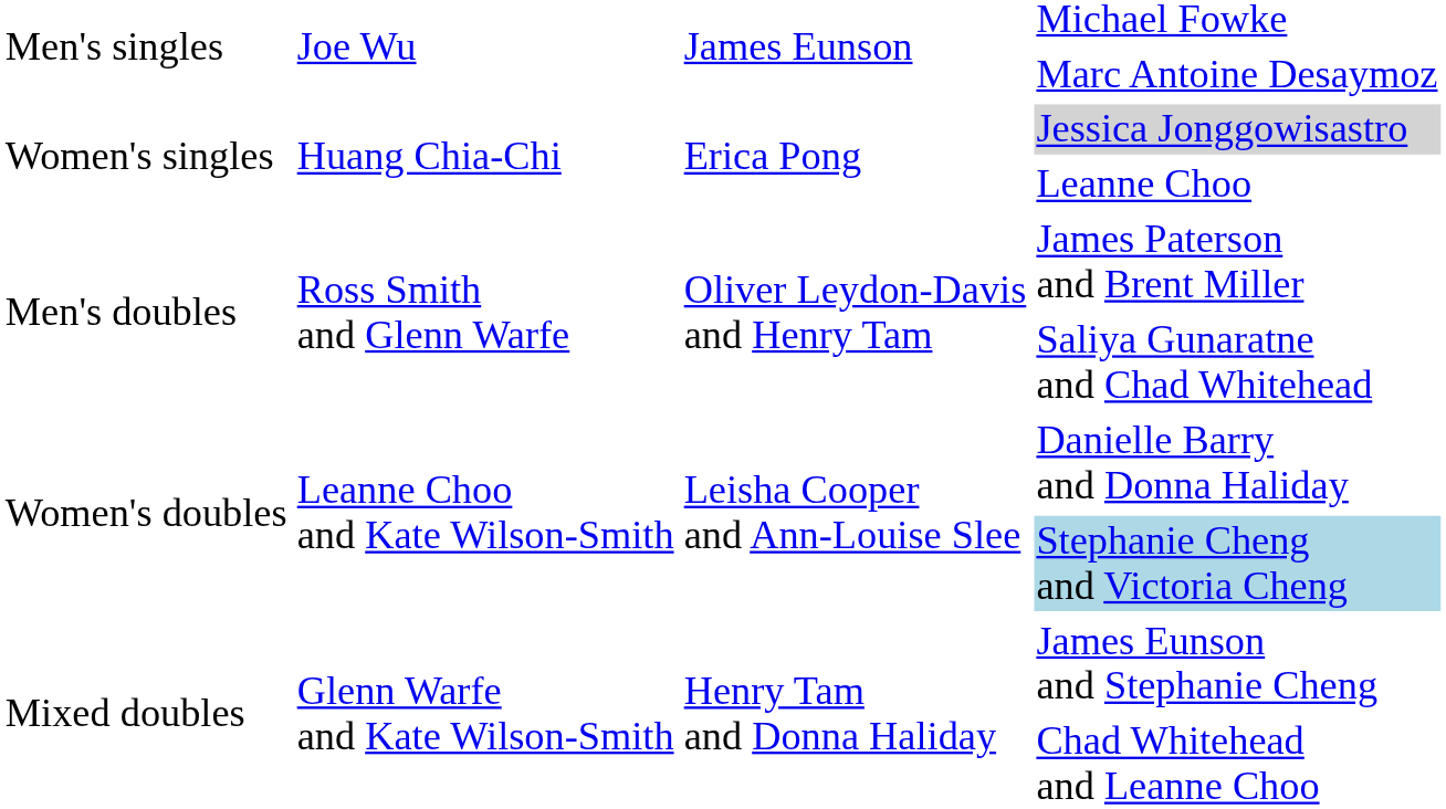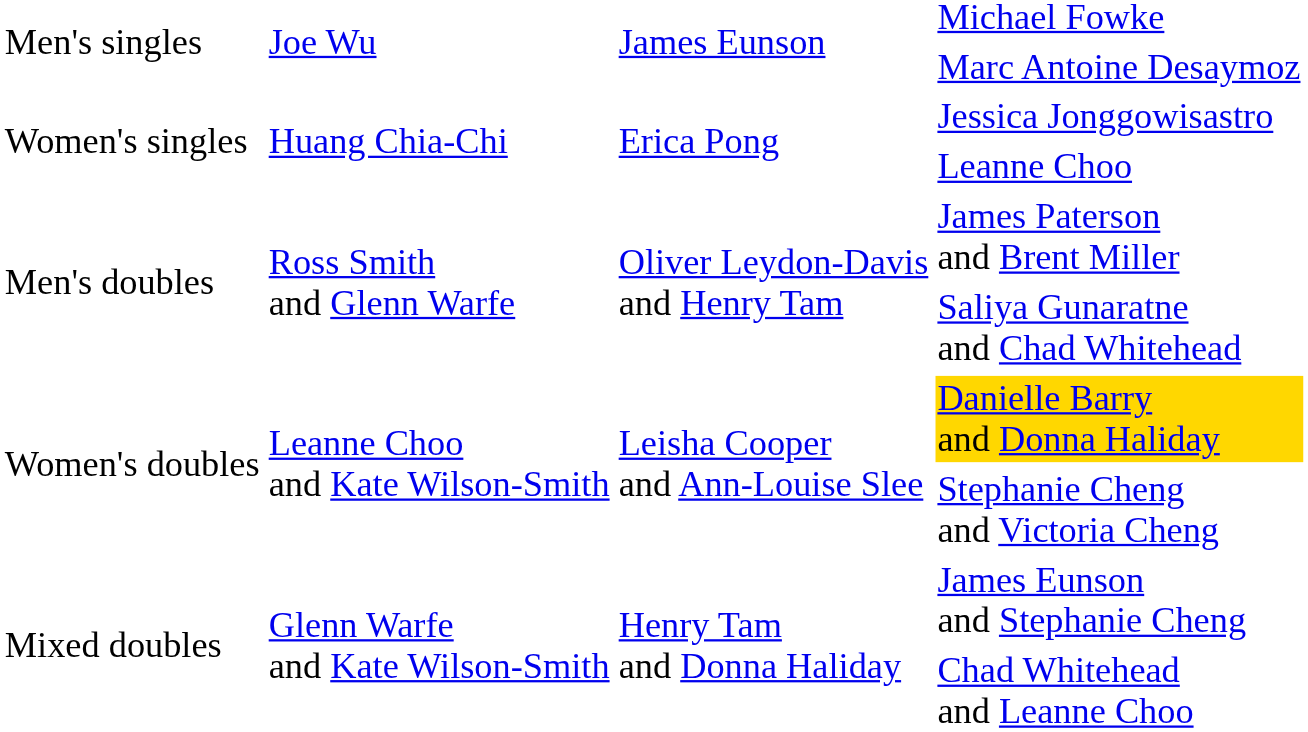 <table>
 <tr>
 <td rowspan=2>Men's singles</td>
 <td rowspan=2> <a href='#'>Joe Wu</a></td>
 <td rowspan=2> <a href='#'>James Eunson</a></td>
 <td> <a href='#'>Michael Fowke</a></td>
 </tr>
 <tr>
 <td> <a href='#'>Marc Antoine Desaymoz</a></td>
 </tr>
 <tr>
 <td rowspan=2>Women's singles</td>
 <td rowspan=2> <a href='#'>Huang Chia-Chi</a></td>
 <td rowspan=2> <a href='#'>Erica Pong</a></td>
-<td style="background: lightgrey;"> <a href='#'>Jessica Jonggowisastro</a></td>
+<td> <a href='#'>Jessica Jonggowisastro</a></td>
 </tr>
 <tr>
 <td> <a href='#'>Leanne Choo</a></td>
 </tr>
 <tr>
 <td rowspan=2>Men's doubles</td>
 <td rowspan=2> <a href='#'>Ross Smith</a><br>and <a href='#'>Glenn Warfe</a></td>
 <td rowspan=2> <a href='#'>Oliver Leydon-Davis</a><br>and <a href='#'>Henry Tam</a></td>
 <td> <a href='#'>James Paterson</a><br>and <a href='#'>Brent Miller</a></td>
 </tr>
 <tr>
 <td> <a href='#'>Saliya Gunaratne</a><br>and <a href='#'>Chad Whitehead</a></td>
 </tr>
 <tr>
 <td rowspan=2>Women's doubles</td>
 <td rowspan=2> <a href='#'>Leanne Choo</a><br>and <a href='#'>Kate Wilson-Smith</a></td>
 <td rowspan=2> <a href='#'>Leisha Cooper</a><br>and <a href='#'>Ann-Louise Slee</a></td>
-<td> <a href='#'>Danielle Barry</a><br>and <a href='#'>Donna Haliday</a></td>
+<td style="background: gold;"> <a href='#'>Danielle Barry</a><br>and <a href='#'>Donna Haliday</a></td>
 </tr>
 <tr>
-<td style="background: lightblue;"> <a href='#'>Stephanie Cheng</a><br>and <a href='#'>Victoria Cheng</a></td>
+<td> <a href='#'>Stephanie Cheng</a><br>and <a href='#'>Victoria Cheng</a></td>
 </tr>
 <tr>
 <td rowspan=2>Mixed doubles</td>
 <td rowspan=2> <a href='#'>Glenn Warfe</a><br> and <a href='#'>Kate Wilson-Smith</a></td>
 <td rowspan=2> <a href='#'>Henry Tam</a><br>and <a href='#'>Donna Haliday</a></td>
 <td> <a href='#'>James Eunson</a><br>and <a href='#'>Stephanie Cheng</a></td>
 </tr>
 <tr>
 <td> <a href='#'>Chad Whitehead</a><br>and <a href='#'>Leanne Choo</a></td>
 </tr>
 </table>
